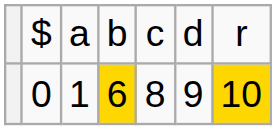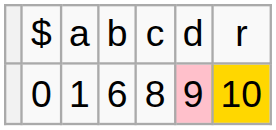 <table class="wikitable floatright" style="text-align:center">
 <tr>
 <th></th>
 <td>$</td>
 <td>a</td>
 <td>b</td>
 <td>c</td>
 <td>d</td>
 <td>r</td>
 </tr>
 <tr>
 <th></th>
 <td>0</td>
 <td>1</td>
-<td style="background: gold;">6</td>
+<td>6</td>
 <td>8</td>
-<td>9</td>
+<td style="background: pink;">9</td>
 <td style="background: gold;">10</td>
 </tr>
 </table>
